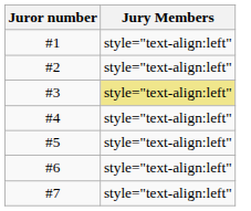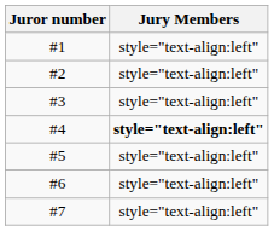 <table class="wikitable" style="text-align:center; line-height:20px; width:auto;">
 <tr>
 <th scope="col">Juror number</th>
 <th scope="col">Jury Members</th>
 </tr>
 <tr>
 <td>#1</td>
 <td>style="text-align:left" </td>
 </tr>
 <tr>
 <td>#2</td>
 <td>style="text-align:left" </td>
 </tr>
 <tr>
 <td>#3</td>
-<td style="background: khaki;">style="text-align:left" </td>
+<td>style="text-align:left" </td>
 </tr>
 <tr>
 <td>#4</td>
-<td>style="text-align:left" </td>
+<td><strong>style="text-align:left" </strong></td>
 </tr>
 <tr>
 <td>#5</td>
 <td>style="text-align:left" </td>
 </tr>
 <tr>
 <td>#6</td>
 <td>style="text-align:left" </td>
 </tr>
 <tr>
 <td>#7</td>
 <td>style="text-align:left" </td>
 </tr>
 </table>
